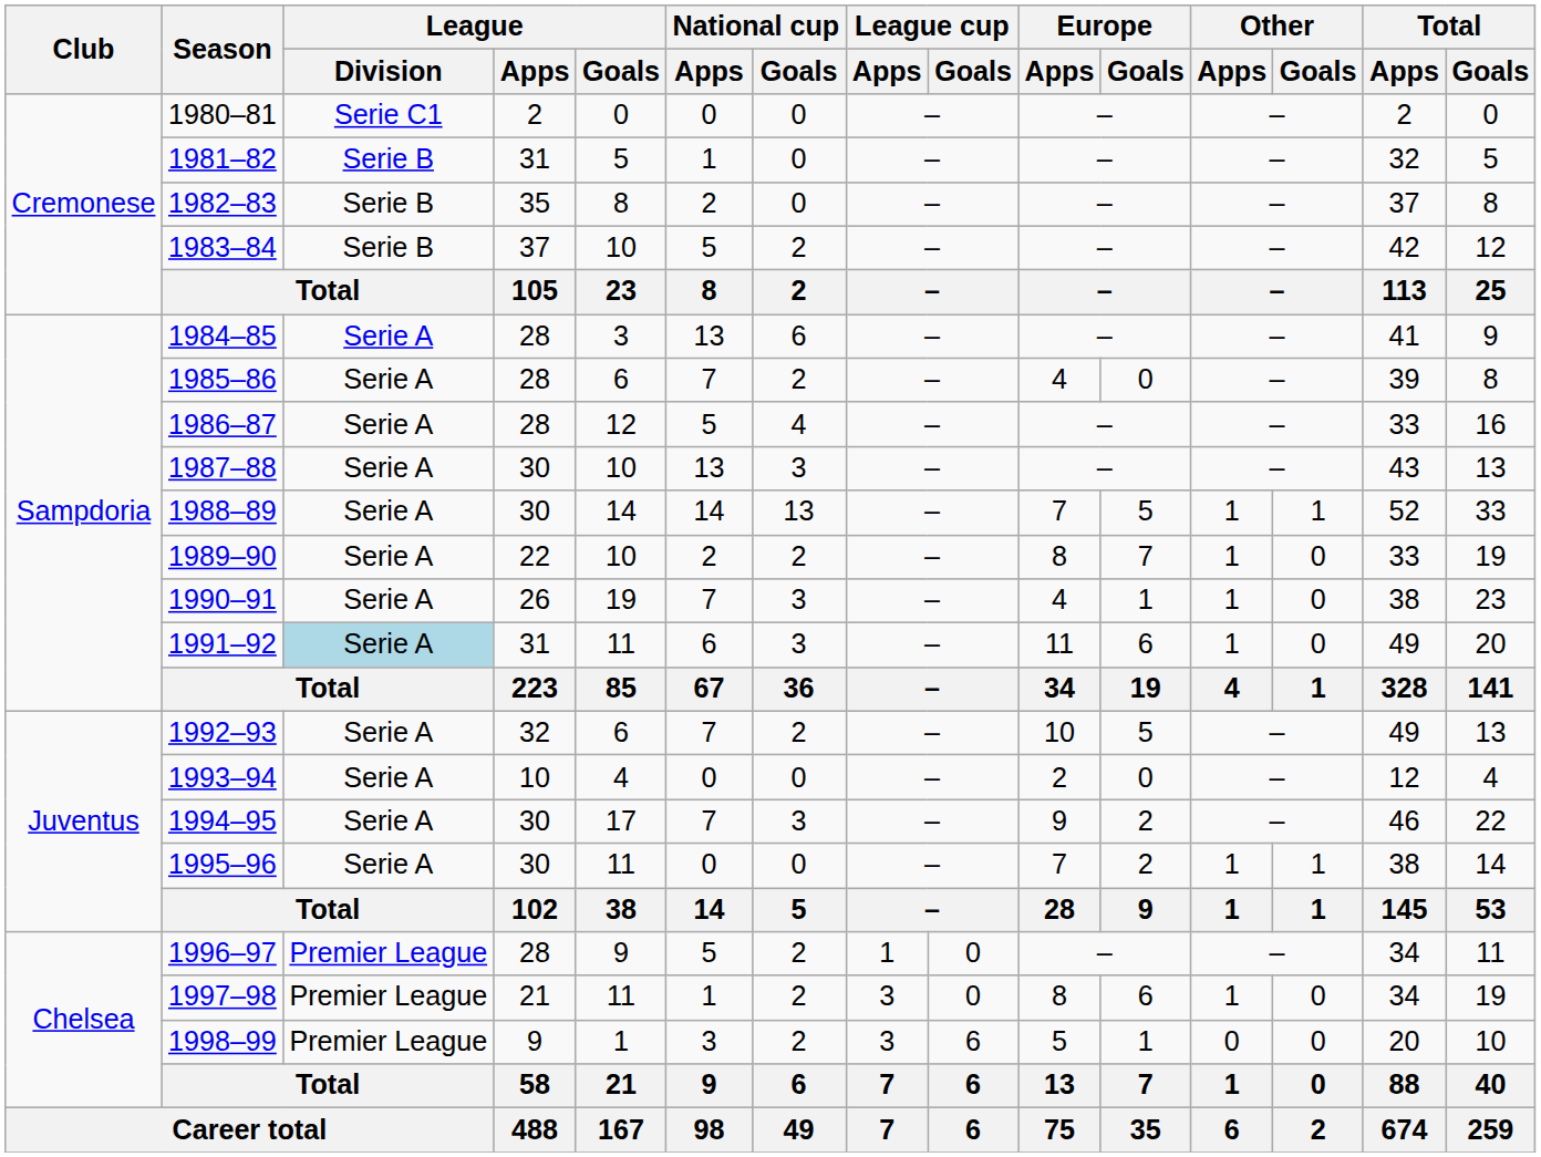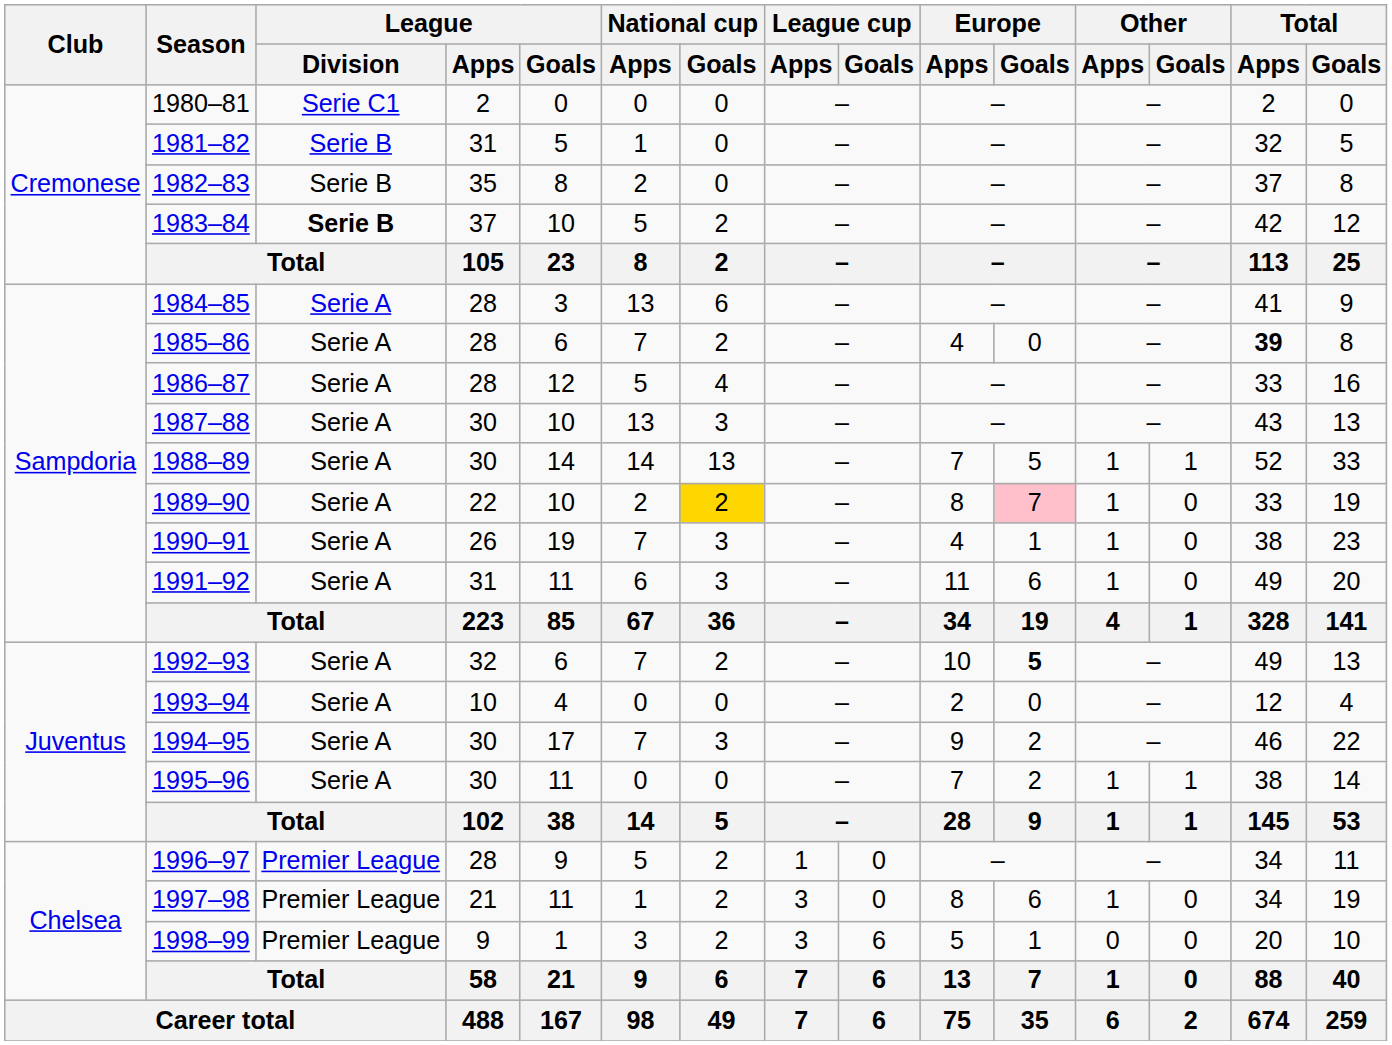 <table class="wikitable" style="text-align:center">
 <tr>
 <th rowspan="2">Club</th>
 <th rowspan="2">Season</th>
 <th colspan="3">League</th>
 <th colspan="2">National cup</th>
 <th colspan="2">League cup</th>
 <th colspan="2">Europe</th>
 <th colspan="2">Other</th>
 <th colspan="2">Total</th>
 </tr>
 <tr>
 <th>Division</th>
 <th>Apps</th>
 <th>Goals</th>
 <th>Apps</th>
 <th>Goals</th>
 <th>Apps</th>
 <th>Goals</th>
 <th>Apps</th>
 <th>Goals</th>
 <th>Apps</th>
 <th>Goals</th>
 <th>Apps</th>
 <th>Goals</th>
 </tr>
 <tr>
 <td rowspan="5"><a href='#'>Cremonese</a></td>
 <td>1980–81</td>
 <td><a href='#'>Serie C1</a></td>
 <td>2</td>
 <td>0</td>
 <td>0</td>
 <td>0</td>
 <td colspan="2">–</td>
 <td colspan="2">–</td>
 <td colspan="2">–</td>
 <td>2</td>
 <td>0</td>
 </tr>
 <tr>
 <td><a href='#'>1981–82</a></td>
 <td><a href='#'>Serie B</a></td>
 <td>31</td>
 <td>5</td>
 <td>1</td>
 <td>0</td>
 <td colspan="2">–</td>
 <td colspan="2">–</td>
 <td colspan="2">–</td>
 <td>32</td>
 <td>5</td>
 </tr>
 <tr>
 <td><a href='#'>1982–83</a></td>
 <td>Serie B</td>
 <td>35</td>
 <td>8</td>
 <td>2</td>
 <td>0</td>
 <td colspan="2">–</td>
 <td colspan="2">–</td>
 <td colspan="2">–</td>
 <td>37</td>
 <td>8</td>
 </tr>
 <tr>
 <td><a href='#'>1983–84</a></td>
-<td>Serie B</td>
+<td><strong>Serie B</strong></td>
 <td>37</td>
 <td>10</td>
 <td>5</td>
 <td>2</td>
 <td colspan="2">–</td>
 <td colspan="2">–</td>
 <td colspan="2">–</td>
 <td>42</td>
 <td>12</td>
 </tr>
 <tr>
 <th colspan="2">Total</th>
 <th>105</th>
 <th>23</th>
 <th>8</th>
 <th>2</th>
 <th colspan="2">–</th>
 <th colspan="2">–</th>
 <th colspan="2">–</th>
 <th>113</th>
 <th>25</th>
 </tr>
 <tr>
 <td rowspan="9"><a href='#'>Sampdoria</a></td>
 <td><a href='#'>1984–85</a></td>
 <td><a href='#'>Serie A</a></td>
 <td>28</td>
 <td>3</td>
 <td>13</td>
 <td>6</td>
 <td colspan="2">–</td>
 <td colspan="2">–</td>
 <td colspan="2">–</td>
 <td>41</td>
 <td>9</td>
 </tr>
 <tr>
 <td><a href='#'>1985–86</a></td>
 <td>Serie A</td>
 <td>28</td>
 <td>6</td>
 <td>7</td>
 <td>2</td>
 <td colspan="2">–</td>
 <td>4</td>
 <td>0</td>
 <td colspan="2">–</td>
-<td>39</td>
+<td><strong>39</strong></td>
 <td>8</td>
 </tr>
 <tr>
 <td><a href='#'>1986–87</a></td>
 <td>Serie A</td>
 <td>28</td>
 <td>12</td>
 <td>5</td>
 <td>4</td>
 <td colspan="2">–</td>
 <td colspan="2">–</td>
 <td colspan="2">–</td>
 <td>33</td>
 <td>16</td>
 </tr>
 <tr>
 <td><a href='#'>1987–88</a></td>
 <td>Serie A</td>
 <td>30</td>
 <td>10</td>
 <td>13</td>
 <td>3</td>
 <td colspan="2">–</td>
 <td colspan="2">–</td>
 <td colspan="2">–</td>
 <td>43</td>
 <td>13</td>
 </tr>
 <tr>
 <td><a href='#'>1988–89</a></td>
 <td>Serie A</td>
 <td>30</td>
 <td>14</td>
 <td>14</td>
 <td>13</td>
 <td colspan="2">–</td>
 <td>7</td>
 <td>5</td>
 <td>1</td>
 <td>1</td>
 <td>52</td>
 <td>33</td>
 </tr>
 <tr>
 <td><a href='#'>1989–90</a></td>
 <td>Serie A</td>
 <td>22</td>
 <td>10</td>
 <td>2</td>
-<td>2</td>
+<td style="background: gold;">2</td>
 <td colspan="2">–</td>
 <td>8</td>
-<td>7</td>
+<td style="background: pink;">7</td>
 <td>1</td>
 <td>0</td>
 <td>33</td>
 <td>19</td>
 </tr>
 <tr>
 <td><a href='#'>1990–91</a></td>
 <td>Serie A</td>
 <td>26</td>
 <td>19</td>
 <td>7</td>
 <td>3</td>
 <td colspan="2">–</td>
 <td>4</td>
 <td>1</td>
 <td>1</td>
 <td>0</td>
 <td>38</td>
 <td>23</td>
 </tr>
 <tr>
 <td><a href='#'>1991–92</a></td>
-<td style="background: lightblue;">Serie A</td>
+<td>Serie A</td>
 <td>31</td>
 <td>11</td>
 <td>6</td>
 <td>3</td>
 <td colspan="2">–</td>
 <td>11</td>
 <td>6</td>
 <td>1</td>
 <td>0</td>
 <td>49</td>
 <td>20</td>
 </tr>
 <tr>
 <th colspan="2">Total</th>
 <th>223</th>
 <th>85</th>
 <th>67</th>
 <th>36</th>
 <th colspan="2">–</th>
 <th>34</th>
 <th>19</th>
 <th>4</th>
 <th>1</th>
 <th>328</th>
 <th>141</th>
 </tr>
 <tr>
 <td rowspan="5"><a href='#'>Juventus</a></td>
 <td><a href='#'>1992–93</a></td>
 <td>Serie A</td>
 <td>32</td>
 <td>6</td>
 <td>7</td>
 <td>2</td>
 <td colspan="2">–</td>
 <td>10</td>
-<td>5</td>
+<td><strong>5</strong></td>
 <td colspan="2">–</td>
 <td>49</td>
 <td>13</td>
 </tr>
 <tr>
 <td><a href='#'>1993–94</a></td>
 <td>Serie A</td>
 <td>10</td>
 <td>4</td>
 <td>0</td>
 <td>0</td>
 <td colspan="2">–</td>
 <td>2</td>
 <td>0</td>
 <td colspan="2">–</td>
 <td>12</td>
 <td>4</td>
 </tr>
 <tr>
 <td><a href='#'>1994–95</a></td>
 <td>Serie A</td>
 <td>30</td>
 <td>17</td>
 <td>7</td>
 <td>3</td>
 <td colspan="2">–</td>
 <td>9</td>
 <td>2</td>
 <td colspan="2">–</td>
 <td>46</td>
 <td>22</td>
 </tr>
 <tr>
 <td><a href='#'>1995–96</a></td>
 <td>Serie A</td>
 <td>30</td>
 <td>11</td>
 <td>0</td>
 <td>0</td>
 <td colspan="2">–</td>
 <td>7</td>
 <td>2</td>
 <td>1</td>
 <td>1</td>
 <td>38</td>
 <td>14</td>
 </tr>
 <tr>
 <th colspan="2">Total</th>
 <th>102</th>
 <th>38</th>
 <th>14</th>
 <th>5</th>
 <th colspan="2">–</th>
 <th>28</th>
 <th>9</th>
 <th>1</th>
 <th>1</th>
 <th>145</th>
 <th>53</th>
 </tr>
 <tr>
 <td rowspan="4"><a href='#'>Chelsea</a></td>
 <td><a href='#'>1996–97</a></td>
 <td><a href='#'>Premier League</a></td>
 <td>28</td>
 <td>9</td>
 <td>5</td>
 <td>2</td>
 <td>1</td>
 <td>0</td>
 <td colspan="2">–</td>
 <td colspan="2">–</td>
 <td>34</td>
 <td>11</td>
 </tr>
 <tr>
 <td><a href='#'>1997–98</a></td>
 <td>Premier League</td>
 <td>21</td>
 <td>11</td>
 <td>1</td>
 <td>2</td>
 <td>3</td>
 <td>0</td>
 <td>8</td>
 <td>6</td>
 <td>1</td>
 <td>0</td>
 <td>34</td>
 <td>19</td>
 </tr>
 <tr>
 <td><a href='#'>1998–99</a></td>
 <td>Premier League</td>
 <td>9</td>
 <td>1</td>
 <td>3</td>
 <td>2</td>
 <td>3</td>
 <td>6</td>
 <td>5</td>
 <td>1</td>
 <td>0</td>
 <td>0</td>
 <td>20</td>
 <td>10</td>
 </tr>
 <tr>
 <th colspan="2">Total</th>
 <th>58</th>
 <th>21</th>
 <th>9</th>
 <th>6</th>
 <th>7</th>
 <th>6</th>
 <th>13</th>
 <th>7</th>
 <th>1</th>
 <th>0</th>
 <th>88</th>
 <th>40</th>
 </tr>
 <tr>
 <th colspan="3">Career total</th>
 <th>488</th>
 <th>167</th>
 <th>98</th>
 <th>49</th>
 <th>7</th>
 <th>6</th>
 <th>75</th>
 <th>35</th>
 <th>6</th>
 <th>2</th>
 <th>674</th>
 <th>259</th>
 </tr>
 </table>
